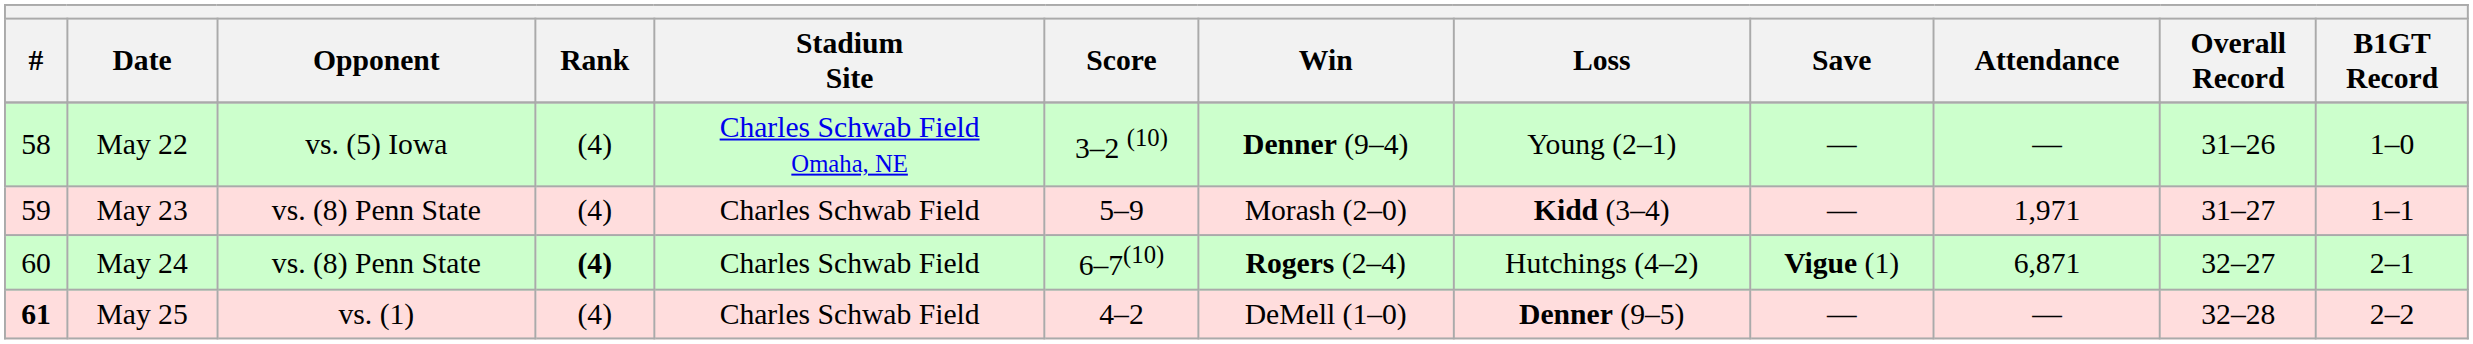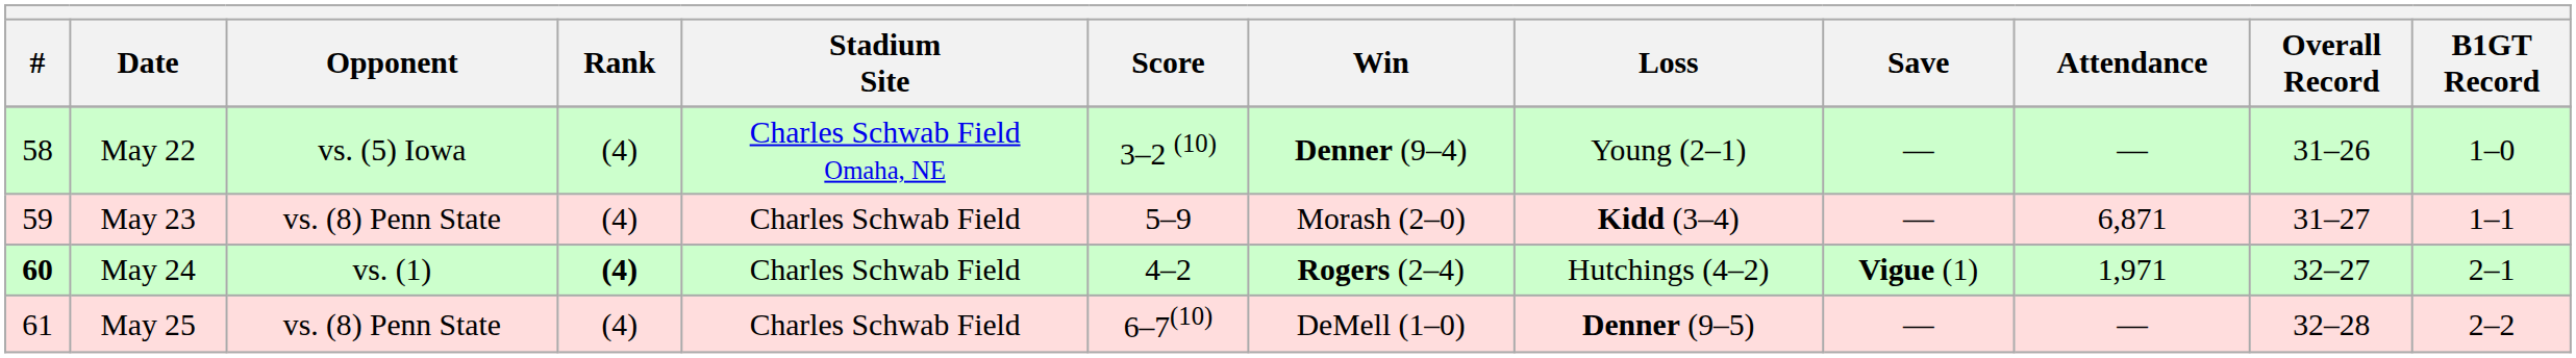 <table class="wikitable collapsible collapsed" style="margin:auto; width:100%; text-align:center; font-size:95%">
 <tr>
 <th colspan=12 style="padding-left:4em;"></th>
 </tr>
 <tr>
 <th>#</th>
 <th>Date</th>
 <th>Opponent</th>
 <th>Rank</th>
 <th>Stadium<br>Site</th>
 <th>Score</th>
 <th>Win</th>
 <th>Loss</th>
 <th>Save</th>
 <th>Attendance</th>
 <th>Overall<br>Record</th>
 <th>B1GT<br>Record</th>
 </tr>
 <tr>
 </tr>
 <tr align="center" bgcolor="#ccffcc">
 <td>58</td>
 <td>May 22</td>
 <td>vs. (5) Iowa</td>
 <td>(4)</td>
 <td><a href='#'>Charles Schwab Field</a><br><small><a href='#'>Omaha, NE</a></small></td>
 <td>3–2 <sup>(10)</sup></td>
 <td><strong>Denner</strong> (9–4)</td>
 <td>Young (2–1)</td>
 <td>—</td>
 <td>—</td>
 <td>31–26</td>
 <td>1–0</td>
 </tr>
 <tr align="center" bgcolor="#ffdddd">
 <td>59</td>
 <td>May 23</td>
 <td>vs. (8) Penn State</td>
 <td>(4)</td>
 <td>Charles Schwab Field</td>
 <td>5–9</td>
 <td>Morash (2–0)</td>
 <td><strong>Kidd</strong> (3–4)</td>
 <td>—</td>
-<td>1,971</td>
+<td>6,871</td>
 <td>31–27</td>
 <td>1–1</td>
 </tr>
 <tr align="center" bgcolor="#ccffcc">
-<td>60</td>
+<td><strong>60</strong></td>
 <td>May 24</td>
-<td>vs. (8) Penn State</td>
+<td>vs. (1) </td>
 <td><strong>(4)</strong></td>
 <td>Charles Schwab Field</td>
-<td>6–7<sup>(10)</sup></td>
+<td>4–2</td>
 <td><strong>Rogers</strong> (2–4)</td>
 <td>Hutchings (4–2)</td>
 <td><strong>Vigue</strong> (1)</td>
-<td>6,871</td>
+<td>1,971</td>
 <td>32–27</td>
 <td>2–1</td>
 </tr>
 <tr align="center" bgcolor="#ffdddd">
-<td><strong>61</strong></td>
+<td>61</td>
 <td>May 25</td>
-<td>vs. (1) </td>
+<td>vs. (8) Penn State</td>
 <td>(4)</td>
 <td>Charles Schwab Field</td>
-<td>4–2</td>
+<td>6–7<sup>(10)</sup></td>
 <td>DeMell (1–0)</td>
 <td><strong>Denner</strong> (9–5)</td>
 <td>—</td>
 <td>—</td>
 <td>32–28</td>
 <td>2–2</td>
 </tr>
 </table>
